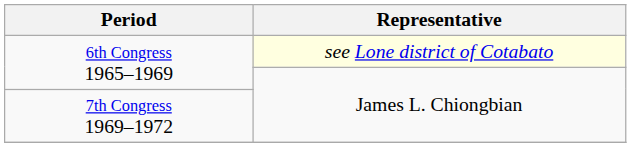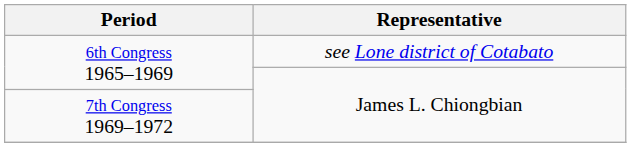 <table class="wikitable" style="text-align:center; width:40%;">
 <tr>
 <th width="40%">Period</th>
 <th>Representative</th>
 </tr>
 <tr>
 <td rowspan="2"><small><a href='#'>6th Congress</a></small><br>1965–1969</td>
-<td style="background: lightyellow;"><em>see <a href='#'>Lone district of Cotabato</a></em></td>
+<td><em>see <a href='#'>Lone district of Cotabato</a></em></td>
 </tr>
 <tr>
 <td rowspan="2">James L. Chiongbian</td>
 </tr>
 <tr>
 <td><small><a href='#'>7th Congress</a></small><br>1969–1972</td>
 </tr>
 <tr>
 </tr>
 </table>
